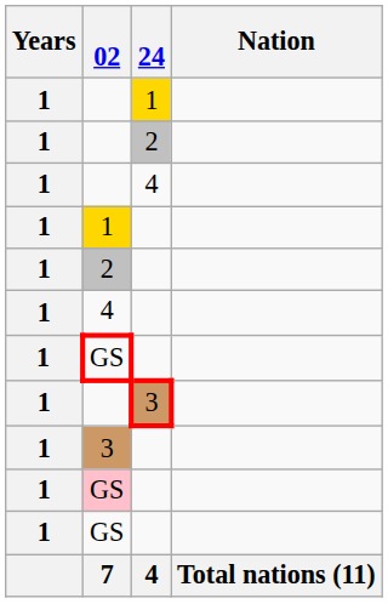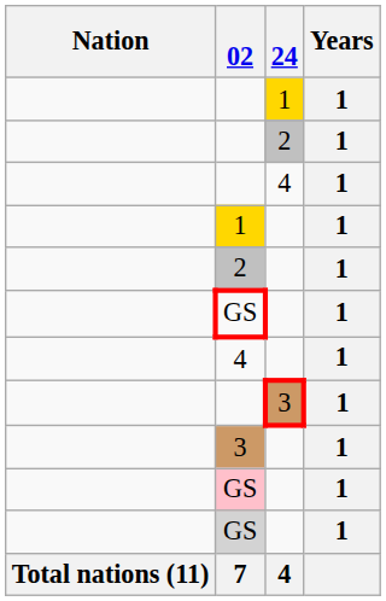 <table class="wikitable" style="text-align:center">
 <tr>
-<th>Years</th>
+<th>Nation</th>
 <th><br><a href='#'>02</a></th>
 <th><br><a href='#'>24</a></th>
-<th>Nation</th>
+<th>Years</th>
 </tr>
 <tr>
-<th>1</th>
+<td align=left></td>
 <td></td>
 <td bgcolor=gold>1</td>
-<td align=left></td>
+<th>1</th>
 </tr>
 <tr>
-<th>1</th>
+<td align=left></td>
 <td></td>
 <td bgcolor=silver>2</td>
-<td align=left></td>
+<th>1</th>
 </tr>
 <tr>
-<th>1</th>
+<td align=left></td>
 <td></td>
 <td>4</td>
-<td align=left></td>
+<th>1</th>
 </tr>
 <tr>
-<th>1</th>
+<td align=left></td>
 <td bgcolor=gold>1</td>
 <td></td>
-<td align=left></td>
+<th>1</th>
 </tr>
 <tr>
-<th>1</th>
+<td align=left></td>
 <td bgcolor=silver>2</td>
 <td></td>
-<td align=left></td>
+<th>1</th>
 </tr>
 <tr>
+<td align=left></td>
+<td style="border: 3px solid red">GS</td>
+<td></td>
 <th>1</th>
+</tr>
+<tr>
+<td align=left></td>
 <td>4</td>
 <td></td>
-<td align=left></td>
+<th>1</th>
 </tr>
 <tr>
+<td align=left></td>
+<td></td>
+<td style="border: 3px solid red" bgcolor=#cc9966>3</td>
 <th>1</th>
-<td style="border: 3px solid red">GS</td>
-<td></td>
-<td align=left></td>
 </tr>
 <tr>
+<td align=left></td>
+<td bgcolor=#cc9966>3</td>
+<td></td>
 <th>1</th>
-<td></td>
-<td style="border: 3px solid red" bgcolor=#cc9966>3</td>
-<td align=left></td>
 </tr>
 <tr>
+<td align=left></td>
+<td style="background: pink;">GS</td>
+<td></td>
 <th>1</th>
-<td bgcolor=#cc9966>3</td>
-<td></td>
-<td align=left></td>
 </tr>
 <tr>
+<td align=left></td>
+<td style="background: lightgrey;">GS</td>
+<td></td>
 <th>1</th>
-<td style="background: pink;">GS</td>
-<td></td>
-<td align=left></td>
 </tr>
 <tr>
-<th>1</th>
-<td>GS</td>
-<td></td>
-<td align=left></td>
-</tr>
-<tr>
-<th></th>
+<th align=left>Total nations (11)</th>
 <th>7</th>
 <th>4</th>
-<th align=left>Total nations (11)</th>
+<th></th>
 </tr>
 </table>
